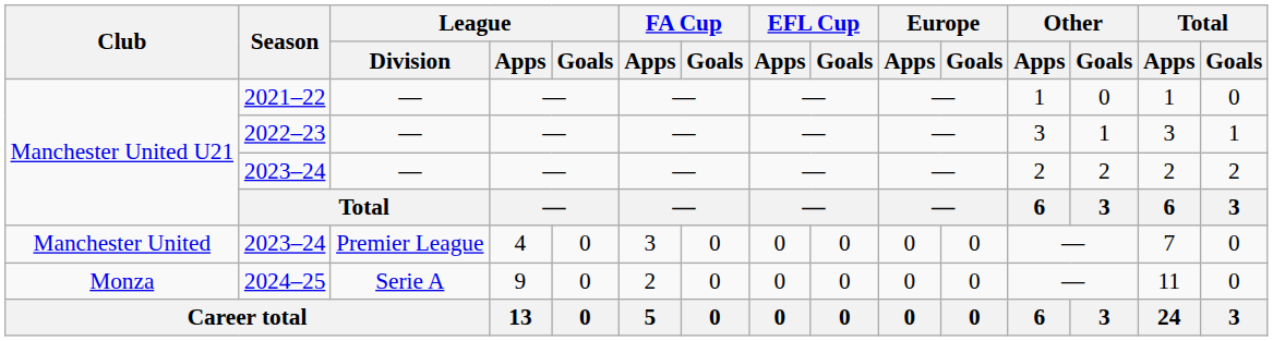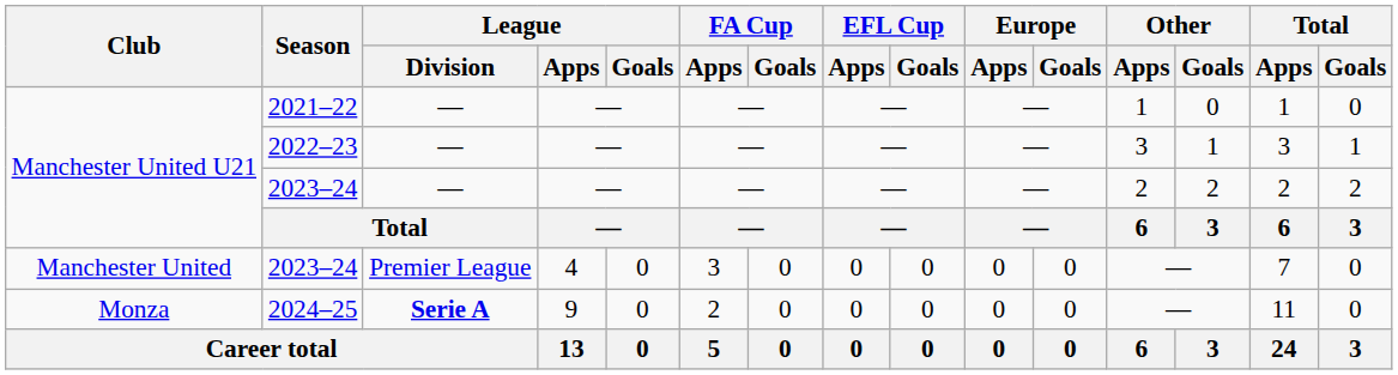 <table class=wikitable style=text-align:center>
 <tr>
 <th rowspan=2>Club</th>
 <th rowspan=2>Season</th>
 <th colspan=3>League</th>
 <th colspan=2><a href='#'>FA Cup</a></th>
 <th colspan=2><a href='#'>EFL Cup</a></th>
 <th colspan=2>Europe</th>
 <th colspan=2>Other</th>
 <th colspan=2>Total</th>
 </tr>
 <tr>
 <th>Division</th>
 <th>Apps</th>
 <th>Goals</th>
 <th>Apps</th>
 <th>Goals</th>
 <th>Apps</th>
 <th>Goals</th>
 <th>Apps</th>
 <th>Goals</th>
 <th>Apps</th>
 <th>Goals</th>
 <th>Apps</th>
 <th>Goals</th>
 </tr>
 <tr>
 <td rowspan="4"><a href='#'>Manchester United U21</a></td>
 <td><a href='#'>2021–22</a></td>
 <td>—</td>
 <td colspan=2>—</td>
 <td colspan=2>—</td>
 <td colspan=2>—</td>
 <td colspan=2>—</td>
 <td>1</td>
 <td>0</td>
 <td>1</td>
 <td>0</td>
 </tr>
 <tr>
 <td><a href='#'>2022–23</a></td>
 <td>—</td>
 <td colspan=2>—</td>
 <td colspan=2>—</td>
 <td colspan=2>—</td>
 <td colspan=2>—</td>
 <td>3</td>
 <td>1</td>
 <td>3</td>
 <td>1</td>
 </tr>
 <tr>
 <td><a href='#'>2023–24</a></td>
 <td>—</td>
 <td colspan=2>—</td>
 <td colspan=2>—</td>
 <td colspan=2>—</td>
 <td colspan=2>—</td>
 <td>2</td>
 <td>2</td>
 <td>2</td>
 <td>2</td>
 </tr>
 <tr>
 <th colspan="2">Total</th>
 <th colspan=2>—</th>
 <th colspan=2>—</th>
 <th colspan=2>—</th>
 <th colspan=2>—</th>
 <th>6</th>
 <th>3</th>
 <th>6</th>
 <th>3</th>
 </tr>
 <tr>
 <td><a href='#'>Manchester United</a></td>
 <td><a href='#'>2023–24</a></td>
 <td><a href='#'>Premier League</a></td>
 <td>4</td>
 <td>0</td>
 <td>3</td>
 <td>0</td>
 <td>0</td>
 <td>0</td>
 <td>0</td>
 <td>0</td>
 <td colspan="2">—</td>
 <td>7</td>
 <td>0</td>
 </tr>
 <tr>
 <td><a href='#'>Monza</a></td>
 <td><a href='#'>2024–25</a></td>
-<td><a href='#'>Serie A</a></td>
+<td><strong><a href='#'>Serie A</a></strong></td>
 <td>9</td>
 <td>0</td>
 <td>2</td>
 <td>0</td>
 <td>0</td>
 <td>0</td>
 <td>0</td>
 <td>0</td>
 <td colspan="2">—</td>
 <td>11</td>
 <td>0</td>
 </tr>
 <tr>
 <th colspan=3>Career total</th>
 <th>13</th>
 <th>0</th>
 <th>5</th>
 <th>0</th>
 <th>0</th>
 <th>0</th>
 <th>0</th>
 <th>0</th>
 <th>6</th>
 <th>3</th>
 <th>24</th>
 <th>3</th>
 </tr>
 </table>
